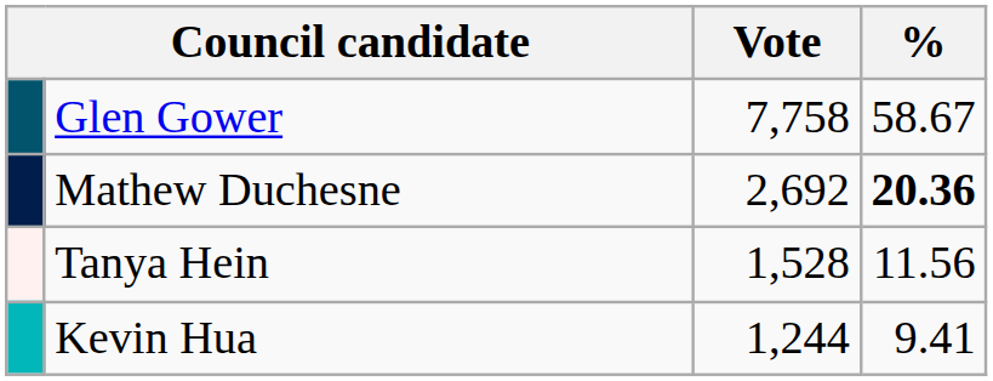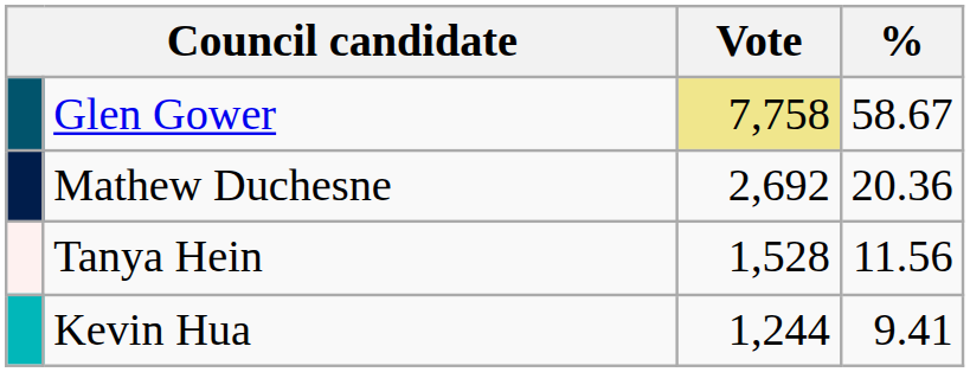 <table class="wikitable">
 <tr>
 <th bgcolor="#DDDDFF" width="230px" colspan="2">Council candidate</th>
 <th bgcolor="#DDDDFF" width="50px">Vote</th>
 <th bgcolor="#DDDDFF" width="30px">%</th>
 </tr>
 <tr>
 <td style="background-color:#01546C;"></td>
 <td style="text-align:left;"><a href='#'>Glen Gower</a></td>
-<td style="text-align:right;">7,758</td>
+<td style="background: khaki; text-align:right;">7,758</td>
 <td style="text-align:right;">58.67</td>
 </tr>
 <tr>
 <td style="background-color:#001d4b;"></td>
 <td style="text-align:left;">Mathew Duchesne</td>
 <td style="text-align:right;">2,692</td>
-<td style="text-align:right;"><strong>20.36</strong></td>
+<td style="text-align:right;">20.36</td>
 </tr>
 <tr>
 <td style="background-color:#FEF1F0;"></td>
 <td style="text-align:left;">Tanya Hein</td>
 <td style="text-align:right;">1,528</td>
 <td style="text-align:right;">11.56</td>
 </tr>
 <tr>
 <td style="background-color:#01B7B9;"></td>
 <td style="text-align:left;">Kevin Hua</td>
 <td style="text-align:right;">1,244</td>
 <td style="text-align:right;">9.41</td>
 </tr>
 </table>
